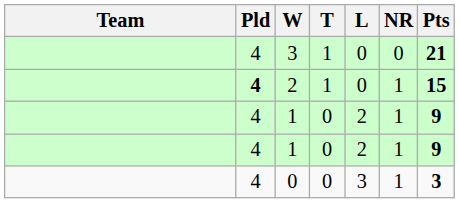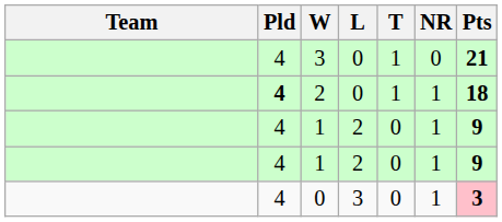 <table class="wikitable" style="text-align:center">
 <tr>
 <th width=175>Team</th>
 <th width=20 abbr="Played">Pld</th>
 <th width=20 abbr="Won">W</th>
+<th width=20 abbr="Lost">L</th>
 <th width=20 abbr="Tied">T</th>
-<th width=20 abbr="Lost">L</th>
 <th width=20 abbr="No Result">NR</th>
 <th width=20 abbr="Points">Pts</th>
 </tr>
 <tr bgcolor="#ccffcc">
 <td align="left"></td>
 <td>4</td>
 <td>3</td>
+<td>0</td>
 <td>1</td>
-<td>0</td>
 <td>0</td>
 <td><strong>21</strong></td>
 </tr>
 <tr bgcolor="#ccffcc">
 <td align="left"></td>
 <td><strong>4</strong></td>
 <td>2</td>
-<td>1</td>
 <td>0</td>
 <td>1</td>
-<td><strong>15</strong></td>
+<td>1</td>
+<td><strong>18</strong></td>
 </tr>
 <tr bgcolor="#ccffcc">
 <td align="left"></td>
 <td>4</td>
 <td>1</td>
+<td>2</td>
 <td>0</td>
-<td>2</td>
 <td>1</td>
 <td><strong>9</strong></td>
 </tr>
 <tr bgcolor="#ccffcc">
 <td align="left"></td>
 <td>4</td>
 <td>1</td>
+<td>2</td>
 <td>0</td>
-<td>2</td>
 <td>1</td>
 <td><strong>9</strong></td>
 </tr>
 <tr>
 <td align="left"></td>
 <td>4</td>
 <td>0</td>
+<td>3</td>
 <td>0</td>
-<td>3</td>
 <td>1</td>
-<td><strong>3</strong></td>
+<td style="background: pink;"><strong>3</strong></td>
 </tr>
 </table>
